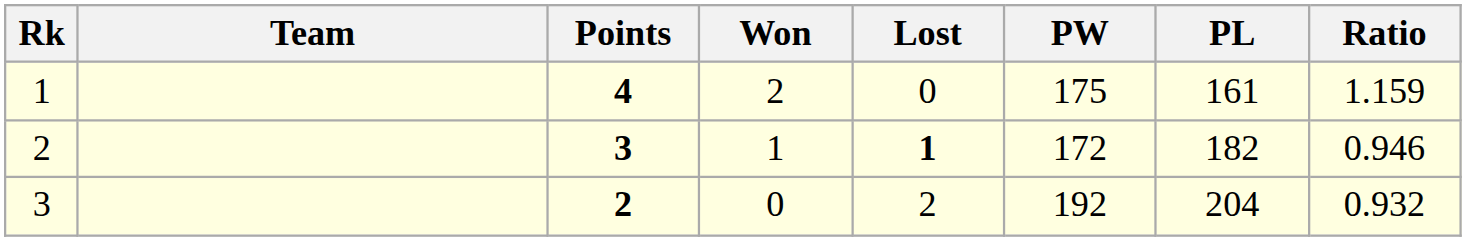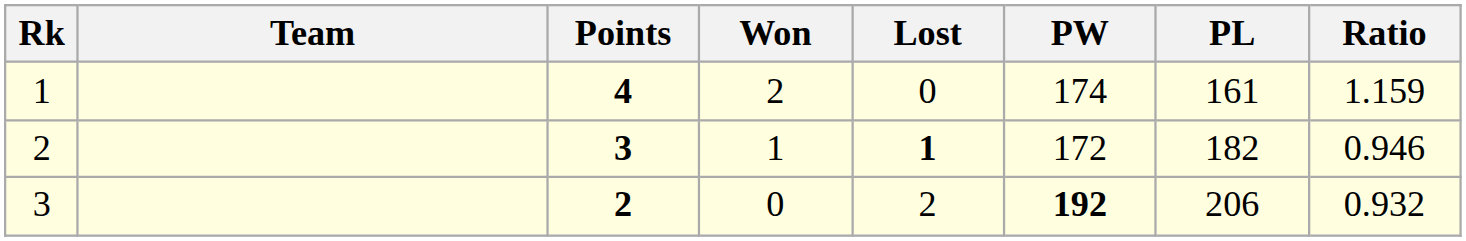 <table class=wikitable style="text-align:center">
 <tr bgcolor="#DCDCDC">
 <th width="25">Rk</th>
 <th width="200">Team</th>
 <th width="60">Points</th>
 <th width="60">Won</th>
 <th width="60">Lost</th>
 <th width="60">PW</th>
 <th width="60">PL</th>
 <th width="60">Ratio</th>
 </tr>
 <tr bgcolor=lightyellow>
 <td>1</td>
 <td align=left></td>
 <td><strong>4</strong></td>
 <td>2</td>
 <td>0</td>
-<td>175</td>
+<td>174</td>
 <td>161</td>
 <td>1.159</td>
 </tr>
 <tr bgcolor=lightyellow>
 <td>2</td>
 <td align=left></td>
 <td><strong>3</strong></td>
 <td>1</td>
 <td><strong>1</strong></td>
 <td>172</td>
 <td>182</td>
 <td>0.946</td>
 </tr>
 <tr bgcolor=lightyellow>
 <td>3</td>
 <td align=left></td>
 <td><strong>2</strong></td>
 <td>0</td>
 <td>2</td>
-<td>192</td>
-<td>204</td>
+<td><strong>192</strong></td>
+<td>206</td>
 <td>0.932</td>
 </tr>
 </table>
